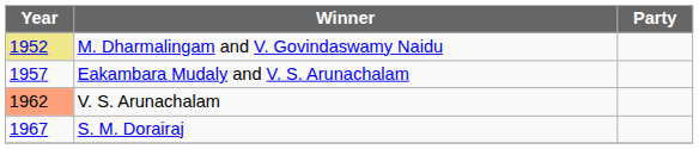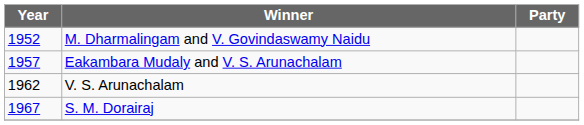 <table class="wikitable sortable" width="50%">
 <tr>
 <th style="background-color:#666666; color:white">Year</th>
 <th style="background-color:#666666; color:white">Winner</th>
 <th style="background-color:#666666; color:white" colspan="2">Party</th>
 </tr>
 <tr>
-<td style="background: khaki;"><a href='#'>1952</a></td>
+<td><a href='#'>1952</a></td>
 <td><a href='#'>M. Dharmalingam</a> and <a href='#'>V. Govindaswamy Naidu</a></td>
 <td></td>
 </tr>
 <tr>
 <td><a href='#'>1957</a></td>
 <td><a href='#'>Eakambara Mudaly</a> and <a href='#'>V. S. Arunachalam</a></td>
 <td></td>
 </tr>
 <tr>
-<td style="background: lightsalmon;">1962</td>
+<td>1962</td>
 <td>V. S. Arunachalam</td>
 <td></td>
 </tr>
 <tr>
 <td><a href='#'>1967</a></td>
 <td><a href='#'>S. M. Dorairaj</a></td>
 <td></td>
 </tr>
 <tr>
 </tr>
 </table>
